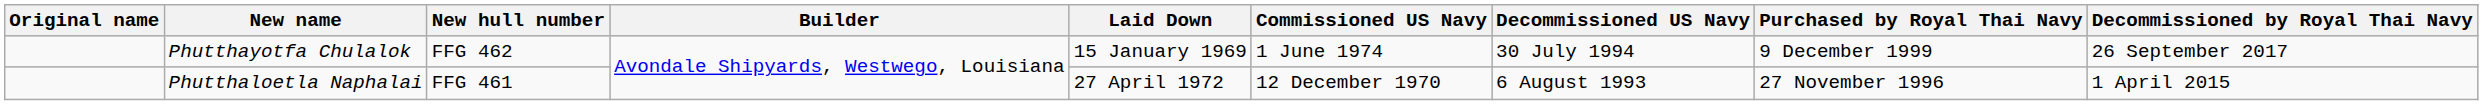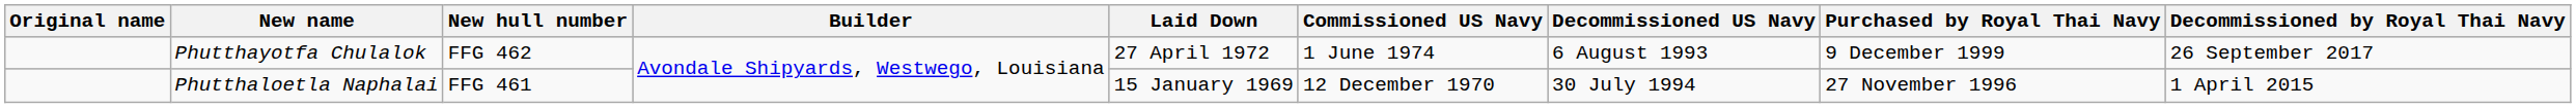 <table class="sortable wikitable">
 <tr>
 <th>Original name</th>
 <th>New name</th>
 <th>New hull number</th>
 <th>Builder</th>
 <th>Laid Down</th>
 <th>Commissioned US Navy</th>
 <th>Decommissioned US Navy</th>
 <th>Purchased by Royal Thai Navy</th>
 <th>Decommissioned by Royal Thai Navy</th>
 </tr>
 <tr>
 <td></td>
 <td><em>Phutthayotfa Chulalok</em></td>
 <td>FFG 462</td>
 <td rowspan=2><a href='#'>Avondale Shipyards</a>, <a href='#'>Westwego</a>, Louisiana</td>
-<td>15 January 1969</td>
+<td>27 April 1972</td>
 <td>1 June 1974</td>
-<td>30 July 1994</td>
+<td>6 August 1993</td>
 <td>9 December 1999</td>
 <td>26 September 2017</td>
 </tr>
 <tr>
 <td></td>
 <td><em>Phutthaloetla Naphalai</em></td>
 <td>FFG 461</td>
-<td>27 April 1972</td>
+<td>15 January 1969</td>
 <td>12 December 1970</td>
-<td>6 August 1993</td>
+<td>30 July 1994</td>
 <td>27 November 1996</td>
 <td>1 April 2015</td>
 </tr>
 </table>
